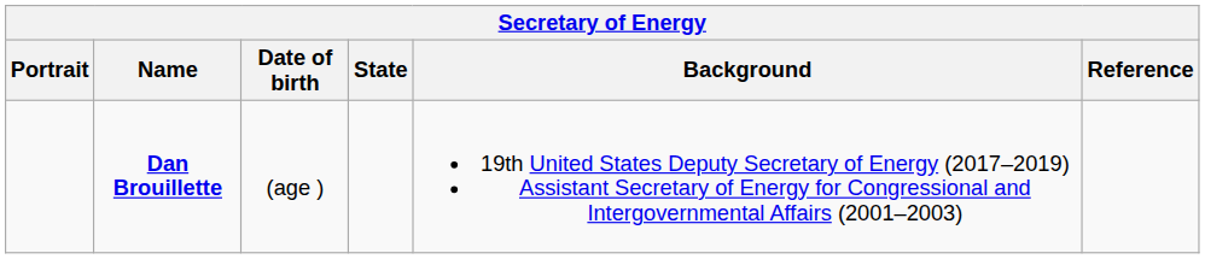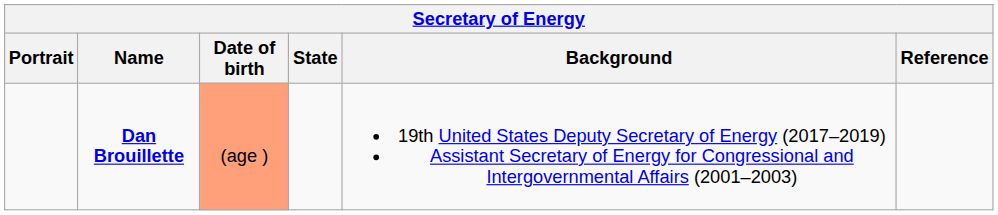 <table class="wikitable collapsible" style="text-align:center;">
 <tr>
 <th colspan="6"><a href='#'>Secretary of Energy</a></th>
 </tr>
 <tr>
 <th>Portrait</th>
 <th>Name</th>
 <th>Date of birth</th>
 <th>State</th>
 <th>Background</th>
 <th>Reference</th>
 </tr>
 <tr>
 <td></td>
 <td><strong><a href='#'>Dan Brouillette</a></strong></td>
-<td><br>(age )</td>
+<td style="background: lightsalmon;"><br>(age )</td>
 <td></td>
 <td><br><ul><li>19th <a href='#'>United States Deputy Secretary of Energy</a> (2017–2019)</li><li><a href='#'>Assistant Secretary of Energy for Congressional and Intergovernmental Affairs</a> (2001–2003)</li></ul></td>
 <td></td>
 </tr>
 </table>
